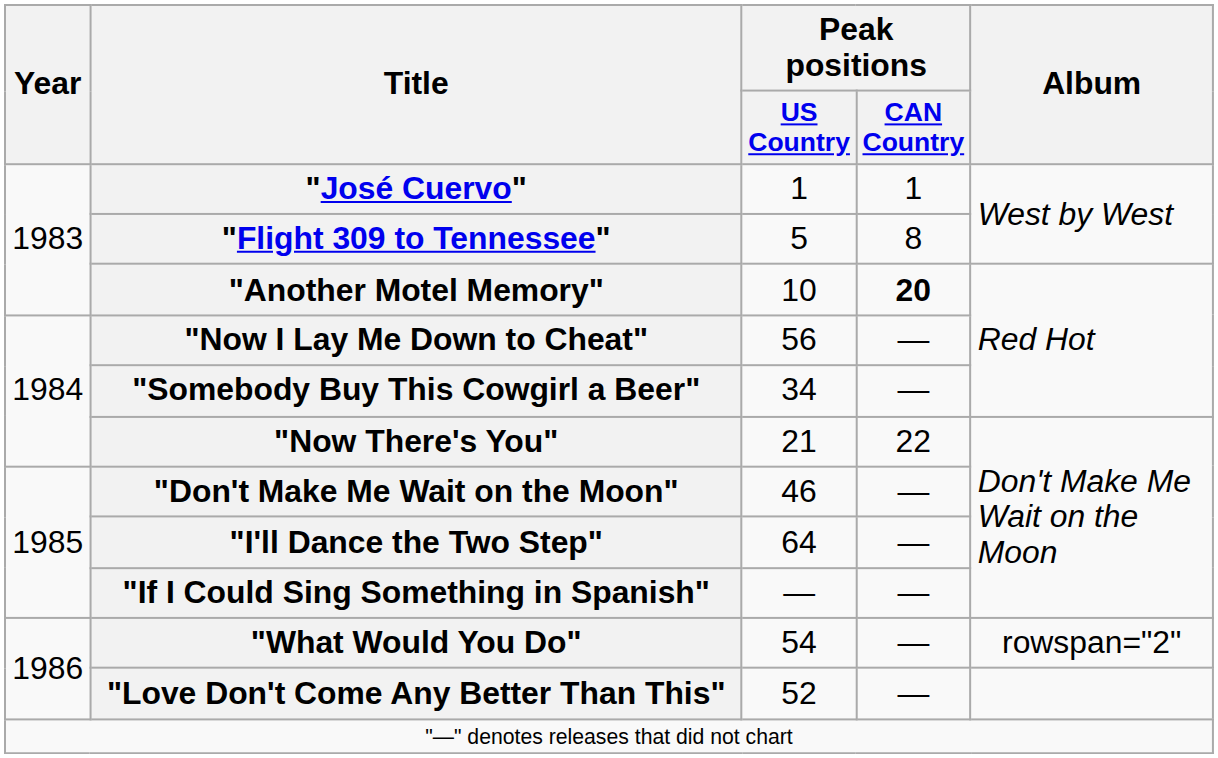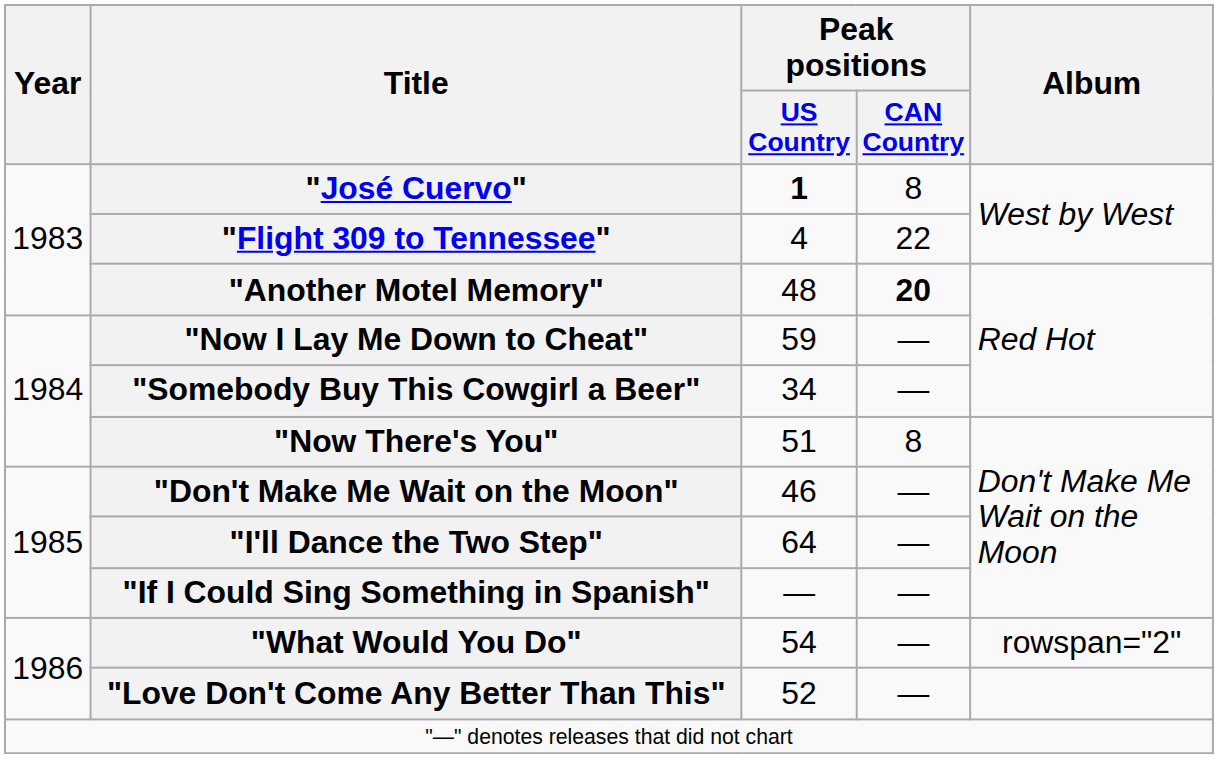 <table class="wikitable plainrowheaders" style=text-align:center;>
 <tr>
 <th scope="col" rowspan="2">Year</th>
 <th scope="col" rowspan="2" style="width:20em;">Title</th>
 <th scope="col" colspan="2">Peak positions</th>
 <th scope="col" rowspan="2">Album</th>
 </tr>
 <tr style="font-size:smaller;">
 <th width="45"><a href='#'>US Country</a></th>
 <th width="45"><a href='#'>CAN Country</a></th>
 </tr>
 <tr>
 <td rowspan="3">1983</td>
 <th scope="row">"<a href='#'>José Cuervo</a>"</th>
-<td>1</td>
-<td>1</td>
+<td><strong>1</strong></td>
+<td>8</td>
 <td align="left" rowspan="2"><em>West by West</em></td>
 </tr>
 <tr>
 <th scope="row">"<a href='#'>Flight 309 to Tennessee</a>"</th>
-<td>5</td>
-<td>8</td>
+<td>4</td>
+<td>22</td>
 </tr>
 <tr>
 <th scope="row">"Another Motel Memory"</th>
-<td>10</td>
+<td>48</td>
 <td><strong>20</strong></td>
 <td align="left" rowspan="3"><em>Red Hot</em></td>
 </tr>
 <tr>
 <td rowspan="3">1984</td>
 <th scope="row">"Now I Lay Me Down to Cheat"</th>
-<td>56</td>
+<td>59</td>
 <td>—</td>
 </tr>
 <tr>
 <th scope="row">"Somebody Buy This Cowgirl a Beer"</th>
 <td>34</td>
 <td>—</td>
 </tr>
 <tr>
 <th scope="row">"Now There's You"</th>
-<td>21</td>
-<td>22</td>
+<td>51</td>
+<td>8</td>
 <td align="left" rowspan="4"><em>Don't Make Me Wait on the Moon</em></td>
 </tr>
 <tr>
 <td rowspan="3">1985</td>
 <th scope="row">"Don't Make Me Wait on the Moon"</th>
 <td>46</td>
 <td>—</td>
 </tr>
 <tr>
 <th scope="row">"I'll Dance the Two Step"</th>
 <td>64</td>
 <td>—</td>
 </tr>
 <tr>
 <th scope="row">"If I Could Sing Something in Spanish"</th>
 <td>—</td>
 <td>—</td>
 </tr>
 <tr>
 <td rowspan="2">1986</td>
 <th scope="row">"What Would You Do"</th>
 <td>54</td>
 <td>—</td>
 <td>rowspan="2" </td>
 </tr>
 <tr>
 <th scope="row">"Love Don't Come Any Better Than This"</th>
 <td>52</td>
 <td>—</td>
 </tr>
 <tr>
 <td colspan="5" style="font-size:8pt">"—" denotes releases that did not chart</td>
 </tr>
 </table>
